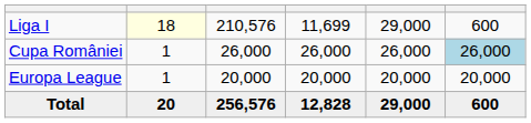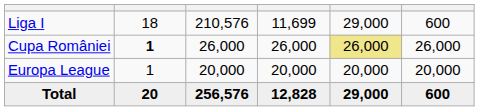 <table class="wikitable" style="text-align: center;">
 <tr>
 <th></th>
 <th style="width:70px;"></th>
 <th style="width:70px;"></th>
 <th style="width:70px;"></th>
 <th style="width:70px;"></th>
 <th style="width:70px;"></th>
 </tr>
 <tr>
 <td align=left><a href='#'>Liga I</a></td>
-<td style="background: lightyellow;">18</td>
+<td>18</td>
 <td>210,576</td>
 <td>11,699</td>
 <td>29,000</td>
 <td>600</td>
 </tr>
 <tr>
 <td align=left><a href='#'>Cupa României</a></td>
-<td>1</td>
+<td><strong>1</strong></td>
 <td>26,000</td>
 <td>26,000</td>
+<td style="background: khaki;">26,000</td>
 <td>26,000</td>
-<td style="background: lightblue;">26,000</td>
 </tr>
 <tr>
 <td align=left><a href='#'>Europa League</a></td>
 <td>1</td>
 <td>20,000</td>
 <td>20,000</td>
 <td>20,000</td>
 <td>20,000</td>
 </tr>
 <tr bgcolor="#EFEFEF">
 <td><strong>Total</strong></td>
 <td><strong>20</strong></td>
 <td><strong>256,576</strong></td>
 <td><strong>12,828</strong></td>
 <td><strong>29,000</strong></td>
 <td><strong>600</strong></td>
 </tr>
 </table>
